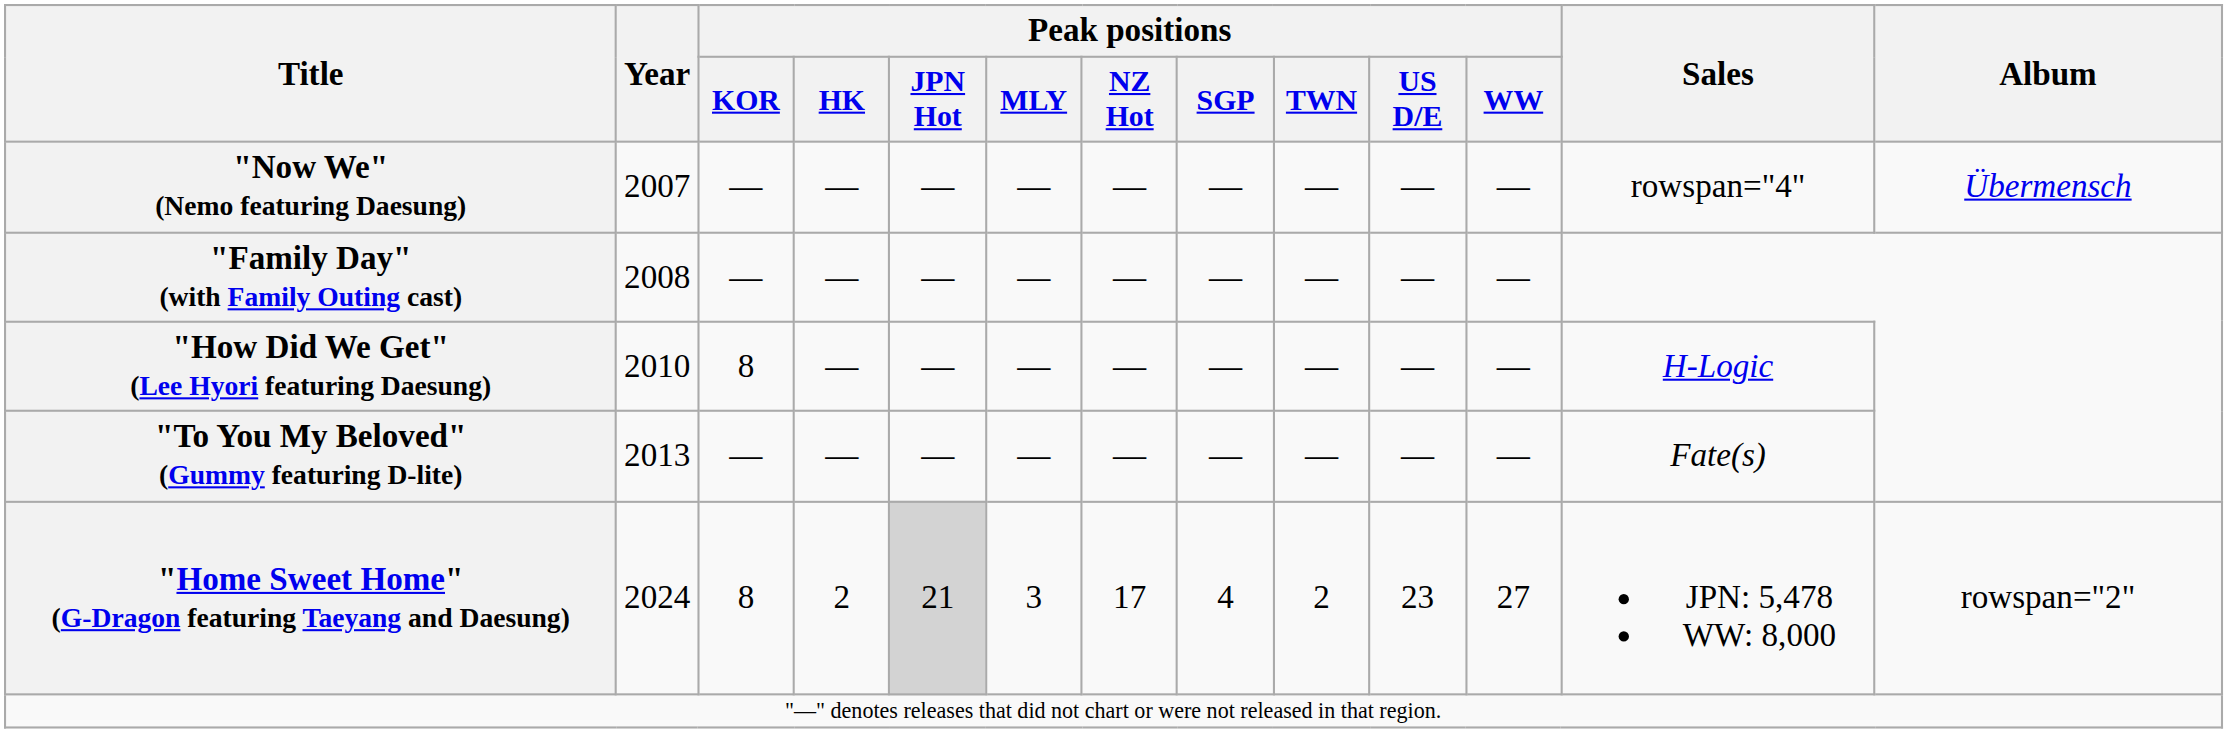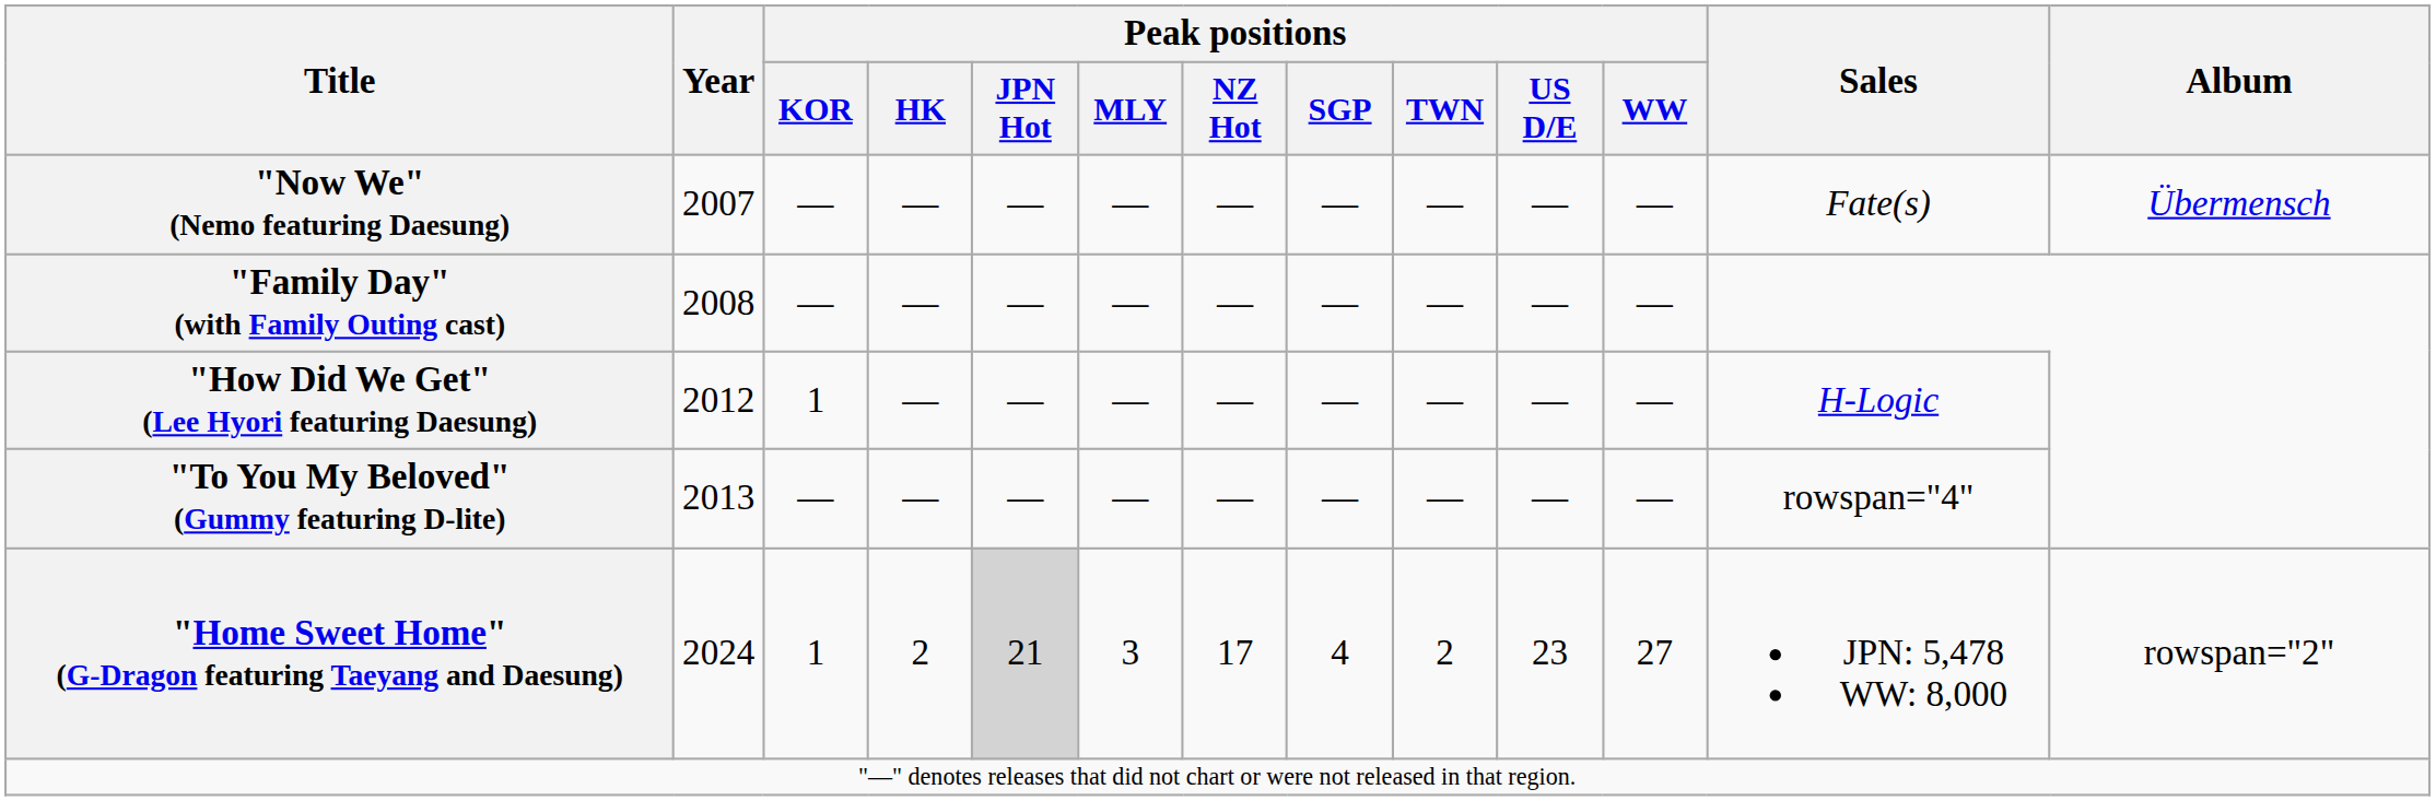 <table class="wikitable plainrowheaders" style="text-align:center;">
 <tr>
 <th scope="col" rowspan="2" style="width:18em;">Title</th>
 <th scope="col" rowspan="2" style="width:2em;">Year</th>
 <th scope="col" colspan="9">Peak positions</th>
 <th scope="col" rowspan="2" style="width:9em;">Sales</th>
 <th scope="col" rowspan="2" style="width:10em;">Album</th>
 </tr>
 <tr>
 <th scope="col" style="width:2.75em;font-size:90%;"><a href='#'>KOR</a><br></th>
 <th scope="col" style="width:2.75em;font-size:90%;"><a href='#'>HK</a><br></th>
 <th scope="col" style="width:2.75em;font-size:90%;"><a href='#'>JPN<br>Hot</a><br></th>
 <th scope="col" style="width:2.75em;font-size:90%;"><a href='#'>MLY</a><br></th>
 <th scope="col" style="width:2.75em;font-size:90%;"><a href='#'>NZ<br>Hot</a><br></th>
 <th scope="col" style="width:2.75em;font-size:90%;"><a href='#'>SGP</a><br></th>
 <th scope="col" style="width:2.75em;font-size:90%;"><a href='#'>TWN</a><br></th>
 <th scope="col" style="width:2.75em;font-size:90%;"><a href='#'>US<br>D/E</a><br></th>
 <th scope="col" style="width:2.75em;font-size:90%;"><a href='#'>WW</a><br></th>
 </tr>
 <tr>
 <th scope="row">"Now We"<br><small>(Nemo featuring Daesung)</small></th>
 <td>2007</td>
 <td>—</td>
 <td>—</td>
 <td>—</td>
 <td>—</td>
 <td>—</td>
 <td>—</td>
 <td>—</td>
 <td>—</td>
 <td>—</td>
-<td>rowspan="4" </td>
+<td><em>Fate(s)</em></td>
 <td><em><a href='#'>Übermensch</a></em></td>
 </tr>
 <tr>
 <th scope="row">"Family Day"<br><small>(with <a href='#'>Family Outing</a> cast)</small></th>
 <td>2008</td>
 <td>—</td>
 <td>—</td>
 <td>—</td>
 <td>—</td>
 <td>—</td>
 <td>—</td>
 <td>—</td>
 <td>—</td>
 <td>—</td>
 </tr>
 <tr>
 <th scope="row">"How Did We Get"<br><small>(<a href='#'>Lee Hyori</a> featuring Daesung)</small></th>
-<td>2010</td>
-<td>8</td>
+<td>2012</td>
+<td>1</td>
 <td>—</td>
 <td>—</td>
 <td>—</td>
 <td>—</td>
 <td>—</td>
 <td>—</td>
 <td>—</td>
 <td>—</td>
 <td><em><a href='#'>H-Logic</a></em></td>
 </tr>
 <tr>
 <th scope="row">"To You My Beloved"<br><small>(<a href='#'>Gummy</a> featuring D-lite)</small></th>
 <td>2013</td>
 <td>—</td>
 <td>—</td>
 <td>—</td>
 <td>—</td>
 <td>—</td>
 <td>—</td>
 <td>—</td>
 <td>—</td>
 <td>—</td>
-<td><em>Fate(s)</em></td>
+<td>rowspan="4" </td>
 </tr>
 <tr>
 <th scope="row">"<a href='#'>Home Sweet Home</a>"<br><small>(<a href='#'>G-Dragon</a> featuring <a href='#'>Taeyang</a> and Daesung)</small></th>
 <td>2024</td>
-<td>8</td>
+<td>1</td>
 <td>2</td>
 <td style="background: lightgrey;">21</td>
 <td>3</td>
 <td>17</td>
 <td>4</td>
 <td>2</td>
 <td>23</td>
 <td>27</td>
 <td><br><ul><li>JPN: 5,478</li><li>WW: 8,000</li></ul></td>
 <td>rowspan="2" </td>
 </tr>
 <tr>
 <td colspan="15" style="font-size:8pt">"—" denotes releases that did not chart or were not released in that region.</td>
 </tr>
 </table>
